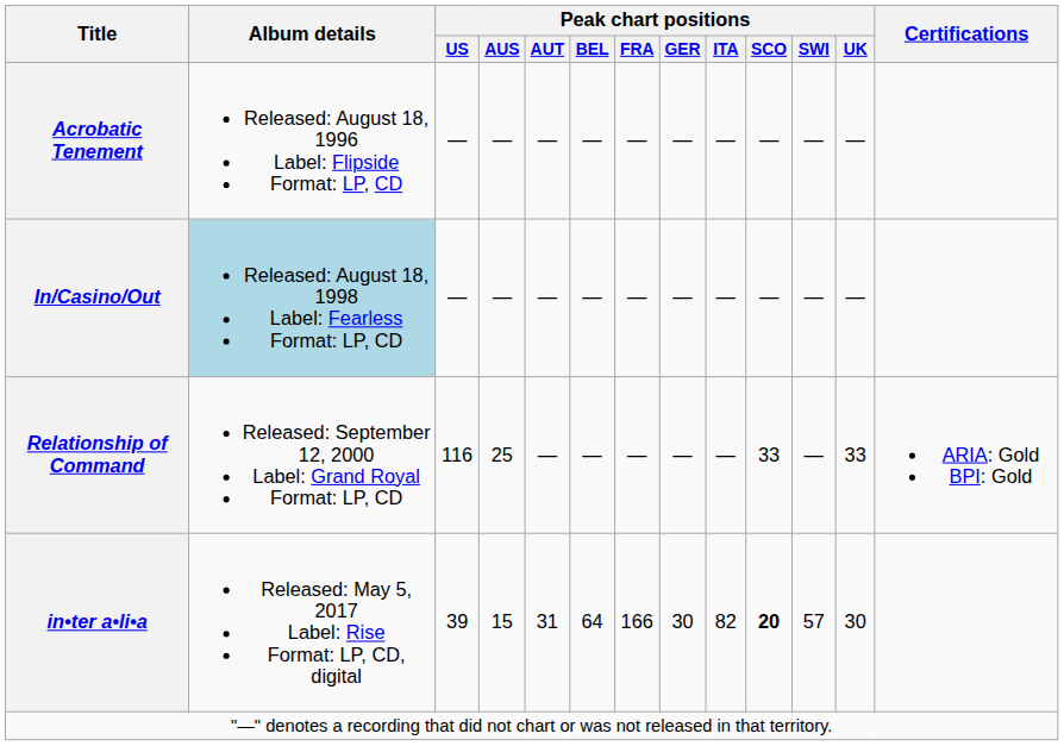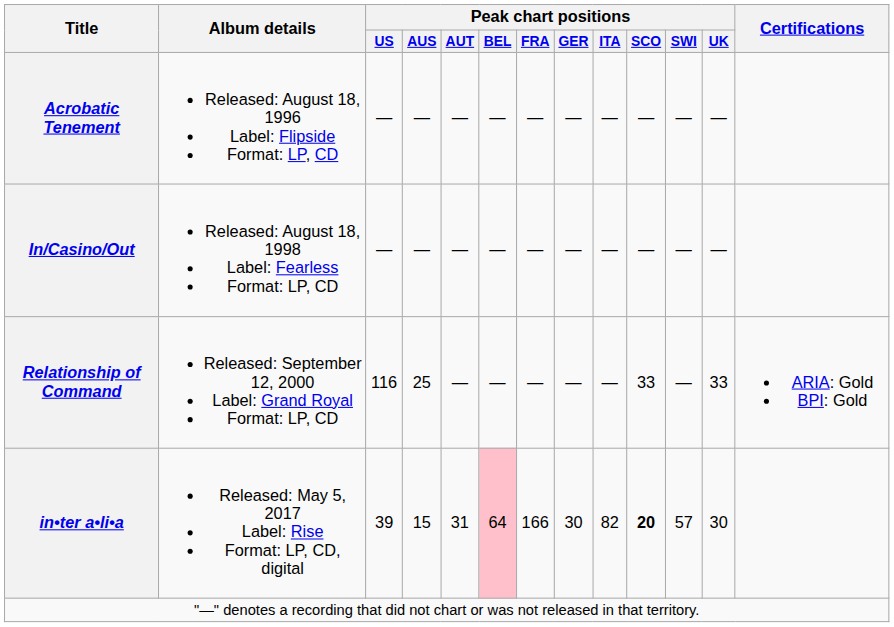 <table class="wikitable plainrowheaders" style="text-align:center;">
 <tr>
 <th scope="col" rowspan="2" style="width:12em;">Title</th>
 <th scope="col" rowspan="2" style="width:18em;">Album details</th>
 <th scope="col" colspan="10">Peak chart positions</th>
 <th scope="col" rowspan="2" style="width:12em;"><a href='#'>Certifications</a></th>
 </tr>
 <tr>
 <th style="width:2.5em;font-size:85%"><a href='#'>US</a><br></th>
 <th style="width:2.5em;font-size:85%"><a href='#'>AUS</a><br></th>
 <th style="width:2.5em;font-size:85%"><a href='#'>AUT</a><br></th>
 <th style="width:2.5em;font-size:85%"><a href='#'>BEL</a><br></th>
 <th style="width:2.5em;font-size:85%"><a href='#'>FRA</a><br></th>
 <th style="width:2.5em;font-size:85%"><a href='#'>GER</a><br></th>
 <th style="width:2.5em;font-size:85%"><a href='#'>ITA</a><br></th>
 <th style="width:2.5em;font-size:85%"><a href='#'>SCO</a><br></th>
 <th style="width:2.5em;font-size:85%"><a href='#'>SWI</a><br></th>
 <th style="width:2.5em;font-size:85%"><a href='#'>UK</a><br></th>
 </tr>
 <tr>
 <th scope="row"><em><a href='#'>Acrobatic Tenement</a></em></th>
 <td><br><ul><li>Released: August 18, 1996</li><li>Label: <a href='#'>Flipside</a></li><li>Format: <a href='#'>LP</a>, <a href='#'>CD</a></li></ul></td>
 <td>—</td>
 <td>—</td>
 <td>—</td>
 <td>—</td>
 <td>—</td>
 <td>—</td>
 <td>—</td>
 <td>—</td>
 <td>—</td>
 <td>—</td>
 <td></td>
 </tr>
 <tr>
 <th scope="row"><em><a href='#'>In/Casino/Out</a></em></th>
-<td style="background: lightblue;"><br><ul><li>Released: August 18, 1998</li><li>Label: <a href='#'>Fearless</a></li><li>Format: LP, CD</li></ul></td>
+<td><br><ul><li>Released: August 18, 1998</li><li>Label: <a href='#'>Fearless</a></li><li>Format: LP, CD</li></ul></td>
 <td>—</td>
 <td>—</td>
 <td>—</td>
 <td>—</td>
 <td>—</td>
 <td>—</td>
 <td>—</td>
 <td>—</td>
 <td>—</td>
 <td>—</td>
 <td></td>
 </tr>
 <tr>
 <th scope="row"><em><a href='#'>Relationship of Command</a></em></th>
 <td><br><ul><li>Released: September 12, 2000</li><li>Label: <a href='#'>Grand Royal</a></li><li>Format: LP, CD</li></ul></td>
 <td>116</td>
 <td>25</td>
 <td>—</td>
 <td>—</td>
 <td>—</td>
 <td>—</td>
 <td>—</td>
 <td>33</td>
 <td>—</td>
 <td>33</td>
 <td><br><ul><li><a href='#'>ARIA</a>: Gold</li><li><a href='#'>BPI</a>: Gold</li></ul></td>
 </tr>
 <tr>
 <th scope="row"><em><a href='#'>in•ter a•li•a</a></em></th>
 <td><br><ul><li>Released: May 5, 2017</li><li>Label: <a href='#'>Rise</a></li><li>Format: LP, CD, digital</li></ul></td>
 <td>39</td>
 <td>15</td>
 <td>31</td>
-<td>64</td>
+<td style="background: pink;">64</td>
 <td>166</td>
 <td>30</td>
 <td>82</td>
 <td><strong>20</strong></td>
 <td>57</td>
 <td>30</td>
 <td></td>
 </tr>
 <tr>
 <td colspan="16" style="font-size:90%">"—" denotes a recording that did not chart or was not released in that territory.</td>
 </tr>
 </table>
